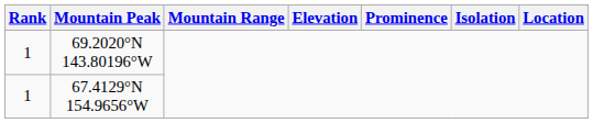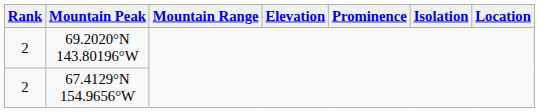 <table class="wikitable sortable">
 <tr>
 <th><a href='#'>Rank</a></th>
 <th><a href='#'>Mountain Peak</a></th>
 <th><a href='#'>Mountain Range</a></th>
 <th><a href='#'>Elevation</a></th>
 <th><a href='#'>Prominence</a></th>
 <th><a href='#'>Isolation</a></th>
 <th><a href='#'>Location</a></th>
 </tr>
 <tr>
-<td align=center>1<br>  </td>
+<td align=center>2<br>  </td>
 <td align=center>69.2020°N<br>143.80196°W</td>
 </tr>
 <tr>
-<td align=center>1<br>  </td>
+<td align=center>2<br>  </td>
 <td align=center>67.4129°N<br>154.9656°W</td>
 </tr>
 </table>
